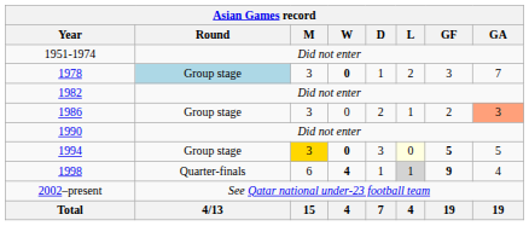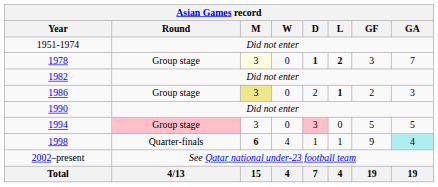 <table class="wikitable" class="wikitable" style="font-size:90%; text-align:center; width:50%">
 <tr>
 <th colspan=9><a href='#'>Asian Games</a> record</th>
 </tr>
 <tr>
 <th>Year</th>
 <th>Round</th>
 <th>M</th>
 <th>W</th>
 <th>D</th>
 <th>L</th>
 <th>GF</th>
 <th>GA</th>
 </tr>
 <tr>
 <td>1951-1974</td>
 <td colspan=7><em>Did not enter</em></td>
 </tr>
 <tr>
 <td> <a href='#'>1978</a></td>
-<td style="background: lightblue;">Group stage</td>
-<td>3</td>
-<td><strong>0</strong></td>
-<td>1</td>
-<td>2</td>
+<td>Group stage</td>
+<td style="background: lightyellow;">3</td>
+<td>0</td>
+<td><strong>1</strong></td>
+<td><strong>2</strong></td>
 <td>3</td>
 <td>7</td>
 </tr>
 <tr>
 <td> <a href='#'>1982</a></td>
 <td colspan=7><em>Did not enter</em></td>
 </tr>
 <tr>
 <td> <a href='#'>1986</a></td>
 <td>Group stage</td>
-<td>3</td>
+<td style="background: khaki;">3</td>
 <td>0</td>
 <td>2</td>
-<td>1</td>
+<td><strong>1</strong></td>
 <td>2</td>
-<td style="background: lightsalmon;">3</td>
+<td>3</td>
 </tr>
 <tr>
 <td> <a href='#'>1990</a></td>
 <td colspan=7><em>Did not enter</em></td>
 </tr>
 <tr>
 <td> <a href='#'>1994</a></td>
-<td>Group stage</td>
-<td style="background: gold;">3</td>
-<td><strong>0</strong></td>
+<td style="background: pink;">Group stage</td>
 <td>3</td>
-<td style="background: lightyellow;">0</td>
-<td><strong>5</strong></td>
+<td>0</td>
+<td style="background: pink;">3</td>
+<td>0</td>
+<td>5</td>
 <td>5</td>
 </tr>
 <tr>
 <td> <a href='#'>1998</a></td>
 <td>Quarter-finals</td>
-<td>6</td>
-<td><strong>4</strong></td>
+<td><strong>6</strong></td>
+<td>4</td>
 <td>1</td>
-<td style="background: lightgrey;">1</td>
-<td><strong>9</strong></td>
-<td>4</td>
+<td>1</td>
+<td>9</td>
+<td style="background: paleturquoise;">4</td>
 </tr>
 <tr>
 <td><a href='#'>2002</a>–present</td>
 <td colspan=8><em>See <a href='#'>Qatar national under-23 football team</a></em></td>
 </tr>
 <tr>
 <th>Total</th>
 <th>4/13</th>
 <th>15</th>
 <th>4</th>
 <th>7</th>
 <th>4</th>
 <th>19</th>
 <th>19</th>
 </tr>
 </table>
